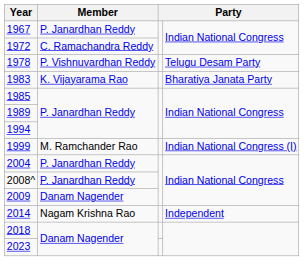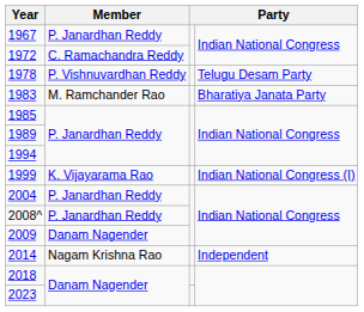 <table class="wikitable">
 <tr>
 <th>Year</th>
 <th>Member</th>
 <th colspan="2">Party</th>
 </tr>
 <tr>
 <td><a href='#'>1967</a></td>
 <td><a href='#'>P. Janardhan Reddy</a></td>
 <td rowspan="2" style="background-color: "></td>
 <td rowspan="2"><a href='#'>Indian National Congress</a></td>
 </tr>
 <tr>
 <td><a href='#'>1972</a></td>
 <td><a href='#'>C. Ramachandra Reddy</a></td>
 </tr>
 <tr>
 <td><a href='#'>1978</a></td>
 <td><a href='#'>P. Vishnuvardhan Reddy</a></td>
 <td style="background-color: "></td>
 <td><a href='#'>Telugu Desam Party</a></td>
 </tr>
 <tr>
 <td><a href='#'>1983</a></td>
-<td><a href='#'>K. Vijayarama Rao</a></td>
+<td>M. Ramchander Rao</td>
 <td style="background-color: "></td>
 <td><a href='#'>Bharatiya Janata Party</a></td>
 </tr>
 <tr>
 <td><a href='#'>1985</a></td>
 <td rowspan="3"><a href='#'>P. Janardhan Reddy</a></td>
 <td rowspan="3" style="background-color: "></td>
 <td rowspan="3"><a href='#'>Indian National Congress</a></td>
 </tr>
 <tr>
 <td><a href='#'>1989</a></td>
 </tr>
 <tr>
 <td><a href='#'>1994</a></td>
 </tr>
 <tr>
 <td><a href='#'>1999</a></td>
-<td>M. Ramchander Rao</td>
+<td><a href='#'>K. Vijayarama Rao</a></td>
 <td style="background-color: "></td>
 <td><a href='#'>Indian National Congress (I)</a></td>
 </tr>
 <tr>
 <td><a href='#'>2004</a></td>
 <td><a href='#'>P. Janardhan Reddy</a></td>
 <td rowspan="3" style="background-color: "></td>
 <td rowspan="3"><a href='#'>Indian National Congress</a></td>
 </tr>
 <tr>
 <td>2008^</td>
 <td><a href='#'>P. Janardhan Reddy</a></td>
 </tr>
 <tr>
 <td><a href='#'>2009</a></td>
 <td><a href='#'>Danam Nagender</a></td>
 </tr>
 <tr>
 <td><a href='#'>2014</a></td>
 <td>Nagam Krishna Rao</td>
 <td style="background-color: "></td>
 <td><a href='#'>Independent</a></td>
 </tr>
 <tr>
 <td><a href='#'>2018</a></td>
 <td rowspan=2><a href='#'>Danam Nagender</a></td>
 <td></td>
 </tr>
 <tr>
 <td><a href='#'>2023</a></td>
 <td></td>
 </tr>
 </table>
